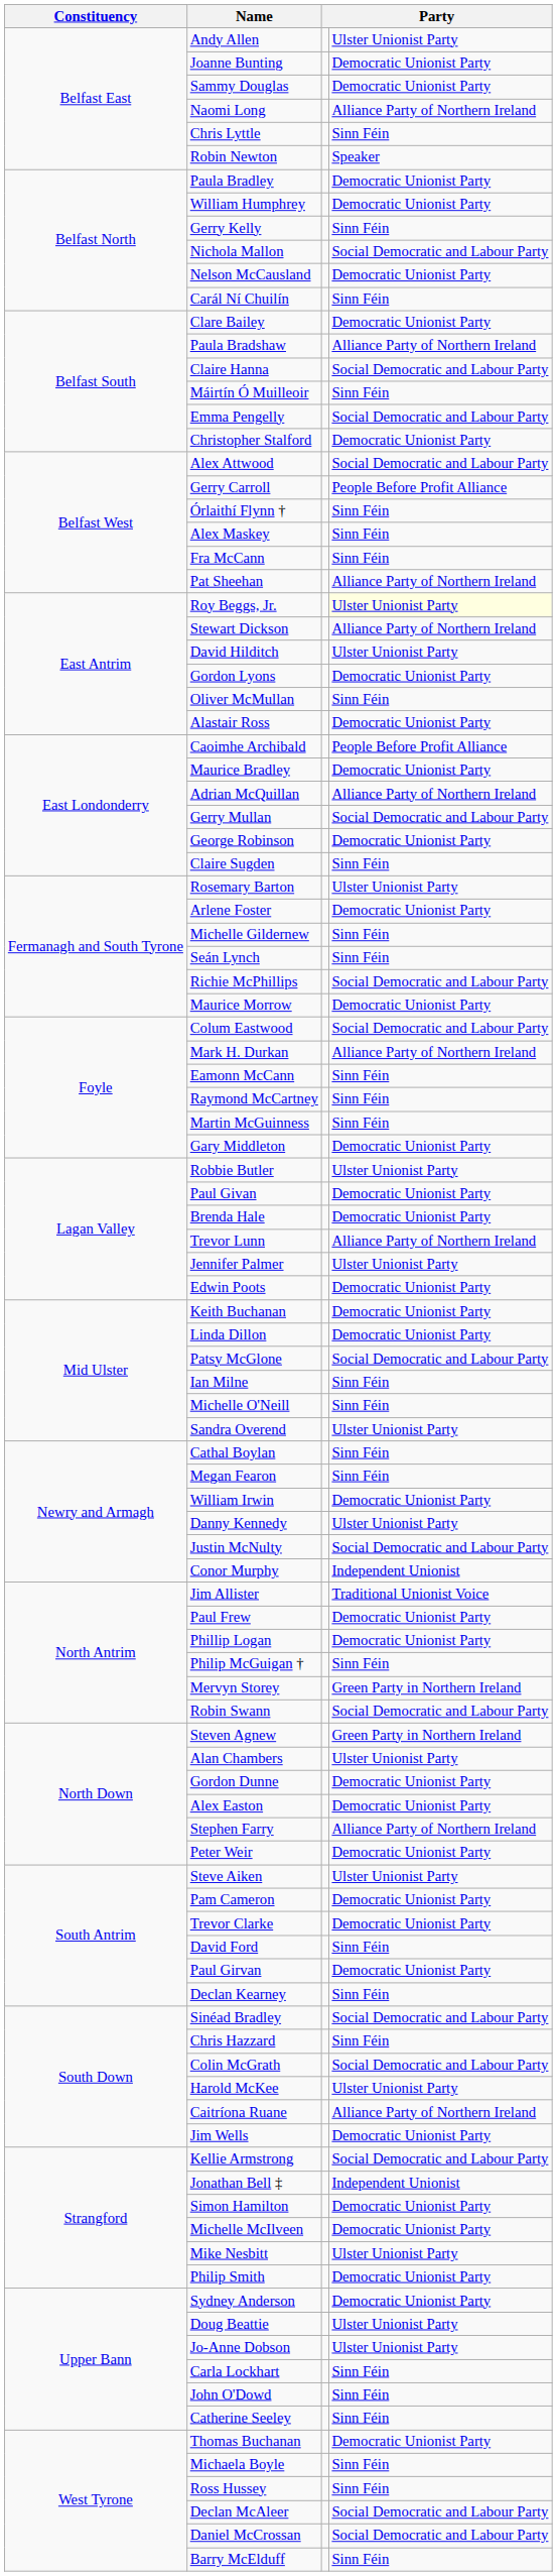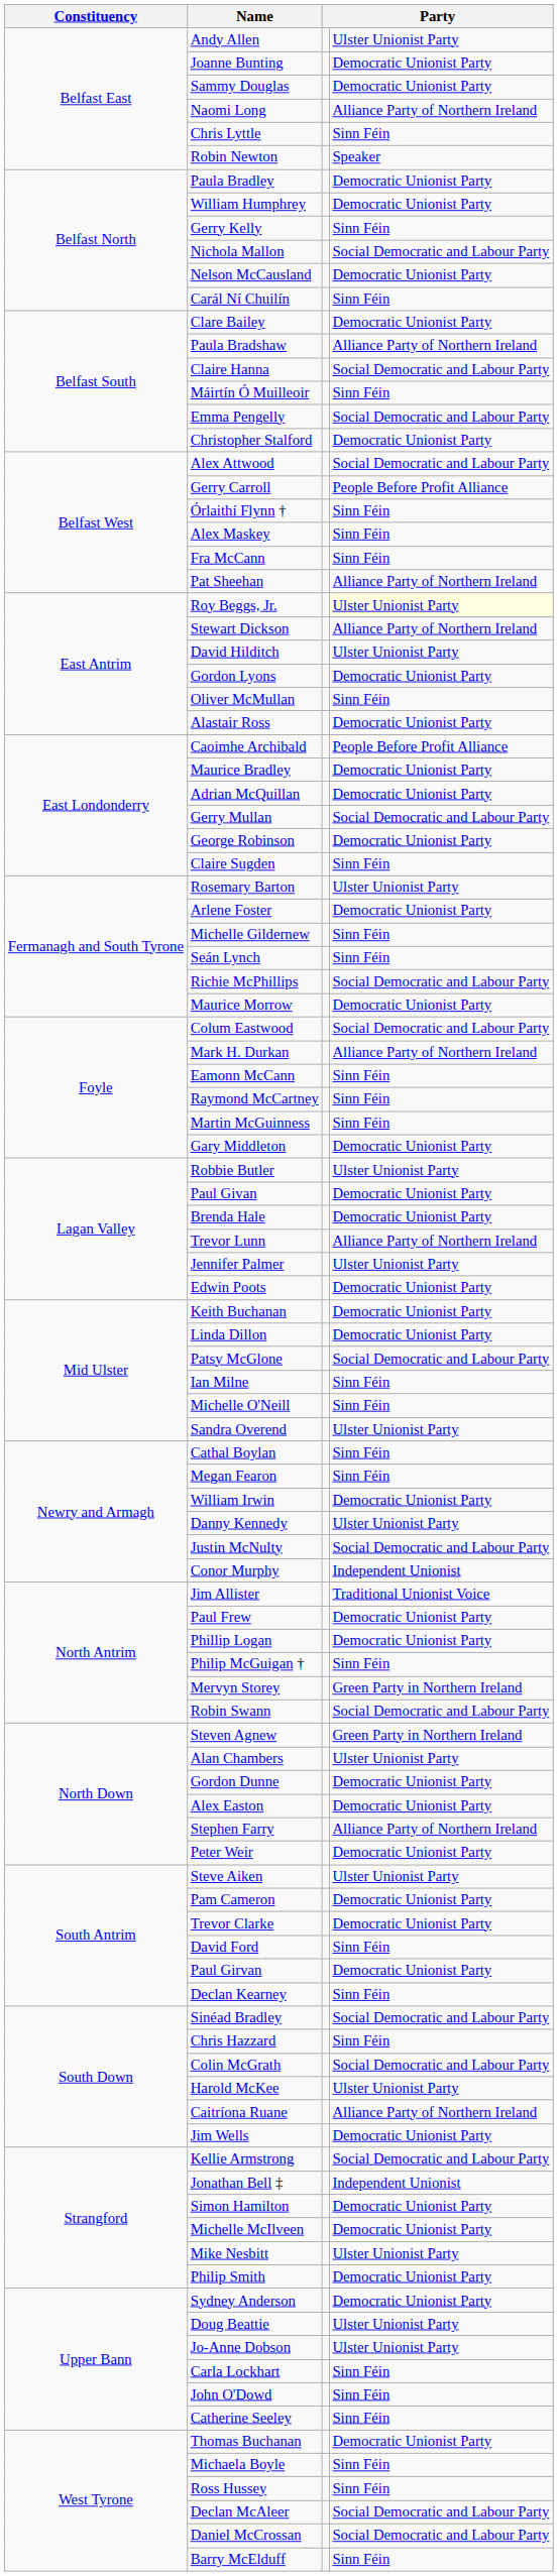 <table class="wikitable">
 <tr>
 <th><a href='#'>Constituency</a></th>
 <th>Name</th>
 <th colspan="2">Party</th>
 </tr>
 <tr>
 <td rowspan="6" align="center"><a href='#'>Belfast East</a><br></td>
 <td><a href='#'>Andy Allen</a></td>
 <td style="background-color:"></td>
 <td><a href='#'>Ulster Unionist Party</a></td>
 </tr>
 <tr>
 <td><a href='#'>Joanne Bunting</a></td>
 <td style="background-color:"></td>
 <td><a href='#'>Democratic Unionist Party</a></td>
 </tr>
 <tr>
 <td><a href='#'>Sammy Douglas</a></td>
 <td style="background-color:"></td>
 <td><a href='#'>Democratic Unionist Party</a></td>
 </tr>
 <tr>
 <td><a href='#'>Naomi Long</a></td>
 <td style="background-color:"></td>
 <td><a href='#'>Alliance Party of Northern Ireland</a></td>
 </tr>
 <tr>
 <td><a href='#'>Chris Lyttle</a></td>
 <td style="background-color:"></td>
 <td><a href='#'>Sinn Féin</a></td>
 </tr>
 <tr>
 <td><a href='#'>Robin Newton</a></td>
 <td style="background-color:"></td>
 <td><a href='#'>Speaker</a></td>
 </tr>
 <tr>
 <td rowspan="6" align="center"><a href='#'>Belfast North</a><br></td>
 <td><a href='#'>Paula Bradley</a></td>
 <td style="background-color:"></td>
 <td><a href='#'>Democratic Unionist Party</a></td>
 </tr>
 <tr>
 <td><a href='#'>William Humphrey</a></td>
 <td style="background-color:"></td>
 <td><a href='#'>Democratic Unionist Party</a></td>
 </tr>
 <tr>
 <td><a href='#'>Gerry Kelly</a></td>
 <td style="background-color:"></td>
 <td><a href='#'>Sinn Féin</a></td>
 </tr>
 <tr>
 <td><a href='#'>Nichola Mallon</a></td>
 <td style="background-color:"></td>
 <td><a href='#'>Social Democratic and Labour Party</a></td>
 </tr>
 <tr>
 <td><a href='#'>Nelson McCausland</a></td>
 <td style="background-color:"></td>
 <td><a href='#'>Democratic Unionist Party</a></td>
 </tr>
 <tr>
 <td><a href='#'>Carál Ní Chuilín</a></td>
 <td style="background-color:"></td>
 <td><a href='#'>Sinn Féin</a></td>
 </tr>
 <tr>
 <td rowspan="6" align="center"><a href='#'>Belfast South</a><br></td>
 <td><a href='#'>Clare Bailey</a></td>
 <td style="background-color:"></td>
 <td><a href='#'>Democratic Unionist Party</a></td>
 </tr>
 <tr>
 <td><a href='#'>Paula Bradshaw</a></td>
 <td style="background-color:"></td>
 <td><a href='#'>Alliance Party of Northern Ireland</a></td>
 </tr>
 <tr>
 <td><a href='#'>Claire Hanna</a></td>
 <td style="background-color:"></td>
 <td><a href='#'>Social Democratic and Labour Party</a></td>
 </tr>
 <tr>
 <td><a href='#'>Máirtín Ó Muilleoir</a></td>
 <td style="background-color:"></td>
 <td><a href='#'>Sinn Féin</a></td>
 </tr>
 <tr>
 <td><a href='#'>Emma Pengelly</a></td>
 <td style="background-color:"></td>
 <td><a href='#'>Social Democratic and Labour Party</a></td>
 </tr>
 <tr>
 <td><a href='#'>Christopher Stalford</a></td>
 <td style="background-color:"></td>
 <td><a href='#'>Democratic Unionist Party</a></td>
 </tr>
 <tr>
 <td rowspan="6" align="center"><a href='#'>Belfast West</a><br></td>
 <td><a href='#'>Alex Attwood</a></td>
 <td style="background-color:"></td>
 <td><a href='#'>Social Democratic and Labour Party</a></td>
 </tr>
 <tr>
 <td><a href='#'>Gerry Carroll</a></td>
 <td style="background-color:"></td>
 <td><a href='#'>People Before Profit Alliance</a></td>
 </tr>
 <tr>
 <td><a href='#'>Órlaithí Flynn</a> †</td>
 <td style="background-color:"></td>
 <td><a href='#'>Sinn Féin</a></td>
 </tr>
 <tr>
 <td><a href='#'>Alex Maskey</a></td>
 <td style="background-color:"></td>
 <td><a href='#'>Sinn Féin</a></td>
 </tr>
 <tr>
 <td><a href='#'>Fra McCann</a></td>
 <td style="background-color:"></td>
 <td><a href='#'>Sinn Féin</a></td>
 </tr>
 <tr>
 <td><a href='#'>Pat Sheehan</a></td>
 <td style="background-color:"></td>
 <td><a href='#'>Alliance Party of Northern Ireland</a></td>
 </tr>
 <tr>
 <td rowspan="6" align="center"><a href='#'>East Antrim</a><br></td>
 <td><a href='#'>Roy Beggs, Jr.</a></td>
 <td style="background-color:"></td>
 <td style="background: lightyellow;"><a href='#'>Ulster Unionist Party</a></td>
 </tr>
 <tr>
 <td><a href='#'>Stewart Dickson</a></td>
 <td style="background-color:"></td>
 <td><a href='#'>Alliance Party of Northern Ireland</a></td>
 </tr>
 <tr>
 <td><a href='#'>David Hilditch</a></td>
 <td style="background-color:"></td>
 <td><a href='#'>Ulster Unionist Party</a></td>
 </tr>
 <tr>
 <td><a href='#'>Gordon Lyons</a></td>
 <td style="background-color:"></td>
 <td><a href='#'>Democratic Unionist Party</a></td>
 </tr>
 <tr>
 <td><a href='#'>Oliver McMullan</a></td>
 <td style="background-color:"></td>
 <td><a href='#'>Sinn Féin</a></td>
 </tr>
 <tr>
 <td><a href='#'>Alastair Ross</a></td>
 <td style="background-color:"></td>
 <td><a href='#'>Democratic Unionist Party</a></td>
 </tr>
 <tr>
 <td rowspan="6" align="center"><a href='#'>East Londonderry</a><br></td>
 <td><a href='#'>Caoimhe Archibald</a></td>
 <td style="background-color:"></td>
 <td><a href='#'>People Before Profit Alliance</a></td>
 </tr>
 <tr>
 <td><a href='#'>Maurice Bradley</a></td>
 <td style="background-color:"></td>
 <td><a href='#'>Democratic Unionist Party</a></td>
 </tr>
 <tr>
 <td><a href='#'>Adrian McQuillan</a></td>
 <td style="background-color:"></td>
-<td><a href='#'>Alliance Party of Northern Ireland</a></td>
+<td><a href='#'>Democratic Unionist Party</a></td>
 </tr>
 <tr>
 <td><a href='#'>Gerry Mullan</a></td>
 <td style="background-color:"></td>
 <td><a href='#'>Social Democratic and Labour Party</a></td>
 </tr>
 <tr>
 <td><a href='#'>George Robinson</a></td>
 <td style="background-color:"></td>
 <td><a href='#'>Democratic Unionist Party</a></td>
 </tr>
 <tr>
 <td><a href='#'>Claire Sugden</a></td>
 <td style="background-color: "></td>
 <td><a href='#'>Sinn Féin</a></td>
 </tr>
 <tr>
 <td rowspan="6" align="center"><a href='#'>Fermanagh and South Tyrone</a><br></td>
 <td><a href='#'>Rosemary Barton</a></td>
 <td style="background-color:"></td>
 <td><a href='#'>Ulster Unionist Party</a></td>
 </tr>
 <tr>
 <td><a href='#'>Arlene Foster</a></td>
 <td style="background-color:"></td>
 <td><a href='#'>Democratic Unionist Party</a></td>
 </tr>
 <tr>
 <td><a href='#'>Michelle Gildernew</a></td>
 <td style="background-color:"></td>
 <td><a href='#'>Sinn Féin</a></td>
 </tr>
 <tr>
 <td><a href='#'>Seán Lynch</a></td>
 <td style="background-color:"></td>
 <td><a href='#'>Sinn Féin</a></td>
 </tr>
 <tr>
 <td><a href='#'>Richie McPhillips</a></td>
 <td style="background-color:"></td>
 <td><a href='#'>Social Democratic and Labour Party</a></td>
 </tr>
 <tr>
 <td><a href='#'>Maurice Morrow</a></td>
 <td style="background-color:"></td>
 <td><a href='#'>Democratic Unionist Party</a></td>
 </tr>
 <tr>
 <td rowspan="6" align="center"><a href='#'>Foyle</a><br></td>
 <td><a href='#'>Colum Eastwood</a></td>
 <td style="background-color:"></td>
 <td><a href='#'>Social Democratic and Labour Party</a></td>
 </tr>
 <tr>
 <td><a href='#'>Mark H. Durkan</a></td>
 <td style="background-color:"></td>
 <td><a href='#'>Alliance Party of Northern Ireland</a></td>
 </tr>
 <tr>
 <td><a href='#'>Eamonn McCann</a></td>
 <td style="background-color:"></td>
 <td><a href='#'>Sinn Féin</a></td>
 </tr>
 <tr>
 <td><a href='#'>Raymond McCartney</a></td>
 <td style="background-color:"></td>
 <td><a href='#'>Sinn Féin</a></td>
 </tr>
 <tr>
 <td><a href='#'>Martin McGuinness</a></td>
 <td style="background-color:"></td>
 <td><a href='#'>Sinn Féin</a></td>
 </tr>
 <tr>
 <td><a href='#'>Gary Middleton</a></td>
 <td style="background-color:"></td>
 <td><a href='#'>Democratic Unionist Party</a></td>
 </tr>
 <tr>
 <td rowspan="6" align="center"><a href='#'>Lagan Valley</a><br></td>
 <td><a href='#'>Robbie Butler</a></td>
 <td style="background-color:"></td>
 <td><a href='#'>Ulster Unionist Party</a></td>
 </tr>
 <tr>
 <td><a href='#'>Paul Givan</a></td>
 <td style="background-color:"></td>
 <td><a href='#'>Democratic Unionist Party</a></td>
 </tr>
 <tr>
 <td><a href='#'>Brenda Hale</a></td>
 <td style="background-color:"></td>
 <td><a href='#'>Democratic Unionist Party</a></td>
 </tr>
 <tr>
 <td><a href='#'>Trevor Lunn</a></td>
 <td style="background-color:"></td>
 <td><a href='#'>Alliance Party of Northern Ireland</a></td>
 </tr>
 <tr>
 <td><a href='#'>Jennifer Palmer</a></td>
 <td style="background-color:"></td>
 <td><a href='#'>Ulster Unionist Party</a></td>
 </tr>
 <tr>
 <td><a href='#'>Edwin Poots</a></td>
 <td style="background-color:"></td>
 <td><a href='#'>Democratic Unionist Party</a></td>
 </tr>
 <tr>
 <td rowspan="6" align="center"><a href='#'>Mid Ulster</a><br></td>
 <td><a href='#'>Keith Buchanan</a></td>
 <td style="background-color:"></td>
 <td><a href='#'>Democratic Unionist Party</a></td>
 </tr>
 <tr>
 <td><a href='#'>Linda Dillon</a></td>
 <td style="background-color:"></td>
 <td><a href='#'>Democratic Unionist Party</a></td>
 </tr>
 <tr>
 <td><a href='#'>Patsy McGlone</a></td>
 <td style="background-color:"></td>
 <td><a href='#'>Social Democratic and Labour Party</a></td>
 </tr>
 <tr>
 <td><a href='#'>Ian Milne</a></td>
 <td style="background-color:"></td>
 <td><a href='#'>Sinn Féin</a></td>
 </tr>
 <tr>
 <td><a href='#'>Michelle O'Neill</a></td>
 <td style="background-color:"></td>
 <td><a href='#'>Sinn Féin</a></td>
 </tr>
 <tr>
 <td><a href='#'>Sandra Overend</a></td>
 <td style="background-color:"></td>
 <td><a href='#'>Ulster Unionist Party</a></td>
 </tr>
 <tr>
 <td rowspan="6" align="center"><a href='#'>Newry and Armagh</a><br></td>
 <td><a href='#'>Cathal Boylan</a></td>
 <td style="background-color:"></td>
 <td><a href='#'>Sinn Féin</a></td>
 </tr>
 <tr>
 <td><a href='#'>Megan Fearon</a></td>
 <td style="background-color:"></td>
 <td><a href='#'>Sinn Féin</a></td>
 </tr>
 <tr>
 <td><a href='#'>William Irwin</a></td>
 <td style="background-color:"></td>
 <td><a href='#'>Democratic Unionist Party</a></td>
 </tr>
 <tr>
 <td><a href='#'>Danny Kennedy</a></td>
 <td style="background-color:"></td>
 <td><a href='#'>Ulster Unionist Party</a></td>
 </tr>
 <tr>
 <td><a href='#'>Justin McNulty</a></td>
 <td style="background-color:"></td>
 <td><a href='#'>Social Democratic and Labour Party</a></td>
 </tr>
 <tr>
 <td><a href='#'>Conor Murphy</a></td>
 <td style="background-color:"></td>
 <td><a href='#'>Independent Unionist</a></td>
 </tr>
 <tr>
 <td rowspan="6" align="center"><a href='#'>North Antrim</a><br></td>
 <td><a href='#'>Jim Allister</a></td>
 <td style="background-color:"></td>
 <td><a href='#'>Traditional Unionist Voice</a></td>
 </tr>
 <tr>
 <td><a href='#'>Paul Frew</a></td>
 <td style="background-color:"></td>
 <td><a href='#'>Democratic Unionist Party</a></td>
 </tr>
 <tr>
 <td><a href='#'>Phillip Logan</a></td>
 <td style="background-color:"></td>
 <td><a href='#'>Democratic Unionist Party</a></td>
 </tr>
 <tr>
 <td><a href='#'>Philip McGuigan</a> †</td>
 <td style="background-color:"></td>
 <td><a href='#'>Sinn Féin</a></td>
 </tr>
 <tr>
 <td><a href='#'>Mervyn Storey</a></td>
 <td style="background-color:"></td>
 <td><a href='#'>Green Party in Northern Ireland</a></td>
 </tr>
 <tr>
 <td><a href='#'>Robin Swann</a></td>
 <td style="background-color:"></td>
 <td><a href='#'>Social Democratic and Labour Party</a></td>
 </tr>
 <tr>
 <td rowspan="6" align="center"><a href='#'>North Down</a><br></td>
 <td><a href='#'>Steven Agnew</a></td>
 <td style="background-color:"></td>
 <td><a href='#'>Green Party in Northern Ireland</a></td>
 </tr>
 <tr>
 <td><a href='#'>Alan Chambers</a></td>
 <td style="background-color:"></td>
 <td><a href='#'>Ulster Unionist Party</a></td>
 </tr>
 <tr>
 <td><a href='#'>Gordon Dunne</a></td>
 <td style="background-color:"></td>
 <td><a href='#'>Democratic Unionist Party</a></td>
 </tr>
 <tr>
 <td><a href='#'>Alex Easton</a></td>
 <td style="background-color:"></td>
 <td><a href='#'>Democratic Unionist Party</a></td>
 </tr>
 <tr>
 <td><a href='#'>Stephen Farry</a></td>
 <td style="background-color:"></td>
 <td><a href='#'>Alliance Party of Northern Ireland</a></td>
 </tr>
 <tr>
 <td><a href='#'>Peter Weir</a></td>
 <td style="background-color:"></td>
 <td><a href='#'>Democratic Unionist Party</a></td>
 </tr>
 <tr>
 <td rowspan="6" align="center"><a href='#'>South Antrim</a><br></td>
 <td><a href='#'>Steve Aiken</a></td>
 <td style="background-color:"></td>
 <td><a href='#'>Ulster Unionist Party</a></td>
 </tr>
 <tr>
 <td><a href='#'>Pam Cameron</a></td>
 <td style="background-color:"></td>
 <td><a href='#'>Democratic Unionist Party</a></td>
 </tr>
 <tr>
 <td><a href='#'>Trevor Clarke</a></td>
 <td style="background-color:"></td>
 <td><a href='#'>Democratic Unionist Party</a></td>
 </tr>
 <tr>
 <td><a href='#'>David Ford</a></td>
 <td style="background-color:"></td>
 <td><a href='#'>Sinn Féin</a></td>
 </tr>
 <tr>
 <td><a href='#'>Paul Girvan</a></td>
 <td style="background-color:"></td>
 <td><a href='#'>Democratic Unionist Party</a></td>
 </tr>
 <tr>
 <td><a href='#'>Declan Kearney</a></td>
 <td style="background-color:"></td>
 <td><a href='#'>Sinn Féin</a></td>
 </tr>
 <tr>
 <td rowspan="6" align="center"><a href='#'>South Down</a><br></td>
 <td><a href='#'>Sinéad Bradley</a></td>
 <td style="background-color:"></td>
 <td><a href='#'>Social Democratic and Labour Party</a></td>
 </tr>
 <tr>
 <td><a href='#'>Chris Hazzard</a></td>
 <td style="background-color:"></td>
 <td><a href='#'>Sinn Féin</a></td>
 </tr>
 <tr>
 <td><a href='#'>Colin McGrath</a></td>
 <td style="background-color:"></td>
 <td><a href='#'>Social Democratic and Labour Party</a></td>
 </tr>
 <tr>
 <td><a href='#'>Harold McKee</a></td>
 <td style="background-color:"></td>
 <td><a href='#'>Ulster Unionist Party</a></td>
 </tr>
 <tr>
 <td><a href='#'>Caitríona Ruane</a></td>
 <td style="background-color:"></td>
 <td><a href='#'>Alliance Party of Northern Ireland</a></td>
 </tr>
 <tr>
 <td><a href='#'>Jim Wells</a></td>
 <td style="background-color:"></td>
 <td><a href='#'>Democratic Unionist Party</a></td>
 </tr>
 <tr>
 <td rowspan="6" align="center"><a href='#'>Strangford</a><br></td>
 <td><a href='#'>Kellie Armstrong</a></td>
 <td style="background-color:"></td>
 <td><a href='#'>Social Democratic and Labour Party</a></td>
 </tr>
 <tr>
 <td><a href='#'>Jonathan Bell</a> ‡</td>
 <td style="background-color:"></td>
 <td><a href='#'>Independent Unionist</a></td>
 </tr>
 <tr>
 <td><a href='#'>Simon Hamilton</a></td>
 <td style="background-color:"></td>
 <td><a href='#'>Democratic Unionist Party</a></td>
 </tr>
 <tr>
 <td><a href='#'>Michelle McIlveen</a></td>
 <td style="background-color:"></td>
 <td><a href='#'>Democratic Unionist Party</a></td>
 </tr>
 <tr>
 <td><a href='#'>Mike Nesbitt</a></td>
 <td style="background-color:"></td>
 <td><a href='#'>Ulster Unionist Party</a></td>
 </tr>
 <tr>
 <td><a href='#'>Philip Smith</a></td>
 <td style="background-color:"></td>
 <td><a href='#'>Democratic Unionist Party</a></td>
 </tr>
 <tr>
 <td rowspan="6" align="center"><a href='#'>Upper Bann</a><br></td>
 <td><a href='#'>Sydney Anderson</a></td>
 <td style="background-color:"></td>
 <td><a href='#'>Democratic Unionist Party</a></td>
 </tr>
 <tr>
 <td><a href='#'>Doug Beattie</a></td>
 <td style="background-color:"></td>
 <td><a href='#'>Ulster Unionist Party</a></td>
 </tr>
 <tr>
 <td><a href='#'>Jo-Anne Dobson</a></td>
 <td style="background-color:"></td>
 <td><a href='#'>Ulster Unionist Party</a></td>
 </tr>
 <tr>
 <td><a href='#'>Carla Lockhart</a></td>
 <td style="background-color:"></td>
 <td><a href='#'>Sinn Féin</a></td>
 </tr>
 <tr>
 <td><a href='#'>John O'Dowd</a></td>
 <td style="background-color:"></td>
 <td><a href='#'>Sinn Féin</a></td>
 </tr>
 <tr>
 <td><a href='#'>Catherine Seeley</a></td>
 <td style="background-color:"></td>
 <td><a href='#'>Sinn Féin</a></td>
 </tr>
 <tr>
 <td rowspan="6" align="center"><a href='#'>West Tyrone</a><br></td>
 <td><a href='#'>Thomas Buchanan</a></td>
 <td style="background-color:"></td>
 <td><a href='#'>Democratic Unionist Party</a></td>
 </tr>
 <tr>
 <td><a href='#'>Michaela Boyle</a></td>
 <td style="background-color:"></td>
 <td><a href='#'>Sinn Féin</a></td>
 </tr>
 <tr>
 <td><a href='#'>Ross Hussey</a></td>
 <td style="background-color:"></td>
 <td><a href='#'>Sinn Féin</a></td>
 </tr>
 <tr>
 <td><a href='#'>Declan McAleer</a></td>
 <td style="background-color:"></td>
 <td><a href='#'>Social Democratic and Labour Party</a></td>
 </tr>
 <tr>
 <td><a href='#'>Daniel McCrossan</a></td>
 <td style="background-color:"></td>
 <td><a href='#'>Social Democratic and Labour Party</a></td>
 </tr>
 <tr>
 <td><a href='#'>Barry McElduff</a></td>
 <td style="background-color:"></td>
 <td><a href='#'>Sinn Féin</a></td>
 </tr>
 </table>
